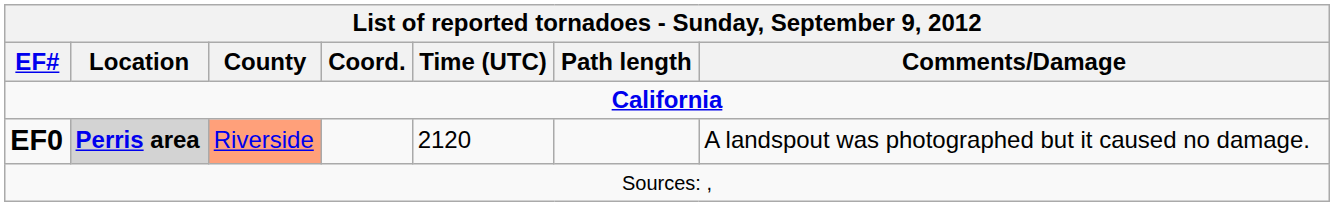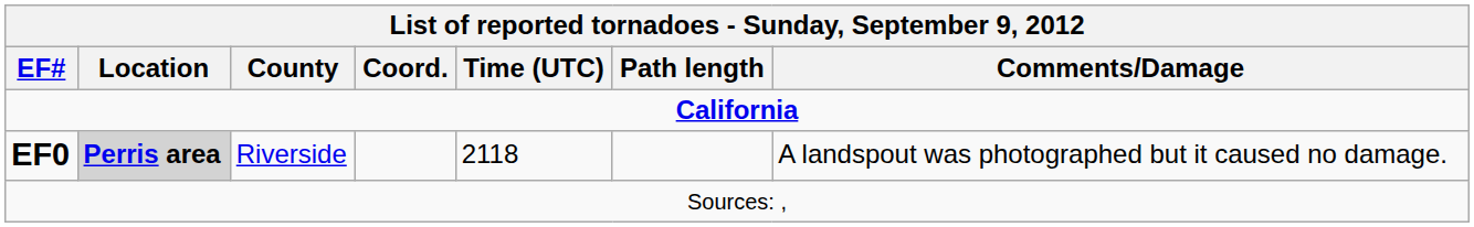 <table class="wikitable collapsible" width="100%">
 <tr>
 <th colspan="7">List of reported tornadoes - Sunday, September 9, 2012</th>
 </tr>
 <tr>
 <th><a href='#'>EF#</a></th>
 <th>Location</th>
 <th>County</th>
 <th>Coord.</th>
 <th>Time (UTC)</th>
 <th>Path length</th>
 <th>Comments/Damage</th>
 </tr>
 <tr>
 <td colspan="7" align=center><strong><a href='#'>California</a></strong></td>
 </tr>
 <tr>
 <td><big><strong>EF0</strong></big></td>
 <td style="background: lightgrey;"><strong><a href='#'>Perris</a> area</strong></td>
-<td style="background: lightsalmon;"><a href='#'>Riverside</a></td>
+<td><a href='#'>Riverside</a></td>
 <td></td>
-<td>2120</td>
+<td>2118</td>
 <td></td>
 <td>A landspout was photographed but it caused no damage.</td>
 </tr>
 <tr>
 <td colspan="7" align=center><small>Sources: , </small></td>
 </tr>
 </table>
